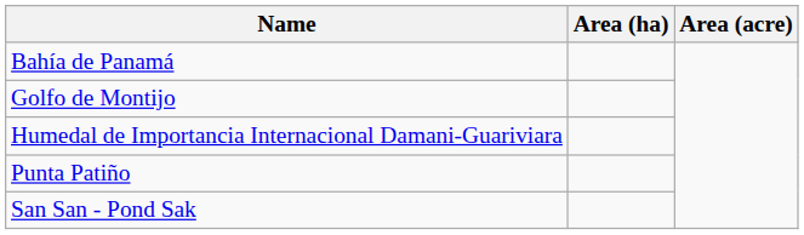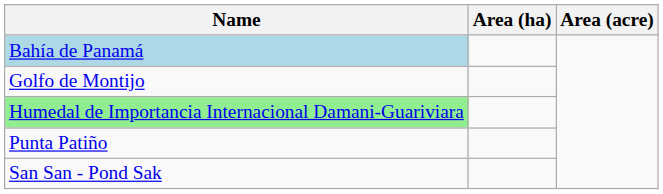 <table class="wikitable sortable">
 <tr>
 <th scope="col" align=left>Name</th>
 <th scope="col">Area (ha)</th>
 <th scope="col">Area (acre)</th>
 </tr>
 <tr ---->
-<td><a href='#'>Bahía de Panamá</a></td>
+<td style="background: lightblue;"><a href='#'>Bahía de Panamá</a></td>
 <td></td>
 </tr>
 <tr ---->
 <td><a href='#'>Golfo de Montijo</a></td>
 <td></td>
 </tr>
 <tr ---->
-<td><a href='#'>Humedal de Importancia Internacional Damani-Guariviara</a></td>
+<td style="background: lightgreen;"><a href='#'>Humedal de Importancia Internacional Damani-Guariviara</a></td>
 <td></td>
 </tr>
 <tr ---->
 <td><a href='#'>Punta Patiño</a></td>
 <td></td>
 </tr>
 <tr ---->
 <td><a href='#'>San San - Pond Sak</a></td>
 <td></td>
 </tr>
 </table>
